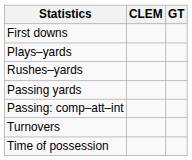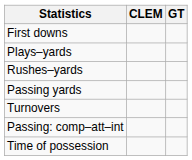 <table class="wikitable" style="float:left">
 <tr>
 <th>Statistics</th>
 <th>CLEM</th>
 <th>GT</th>
 </tr>
 <tr>
 <td>First downs</td>
 <td></td>
 <td></td>
 </tr>
 <tr>
 <td>Plays–yards</td>
 <td></td>
 <td></td>
 </tr>
 <tr>
 <td>Rushes–yards</td>
 <td></td>
 <td></td>
 </tr>
 <tr>
 <td>Passing yards</td>
 <td></td>
 <td></td>
 </tr>
 <tr>
-<td>Passing: comp–att–int</td>
+<td>Turnovers</td>
 <td></td>
 <td></td>
 </tr>
 <tr>
-<td>Turnovers</td>
+<td>Passing: comp–att–int</td>
 <td></td>
 <td></td>
 </tr>
 <tr>
 <td>Time of possession</td>
 <td></td>
 <td></td>
 </tr>
 </table>
